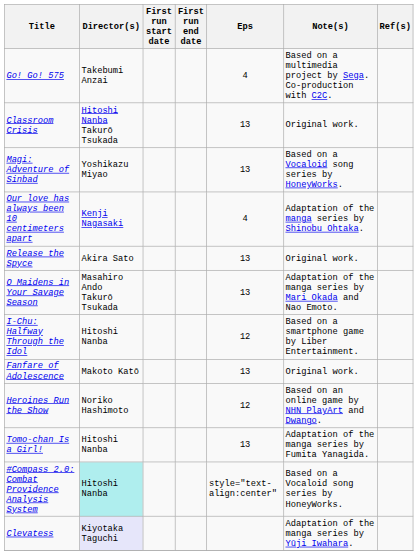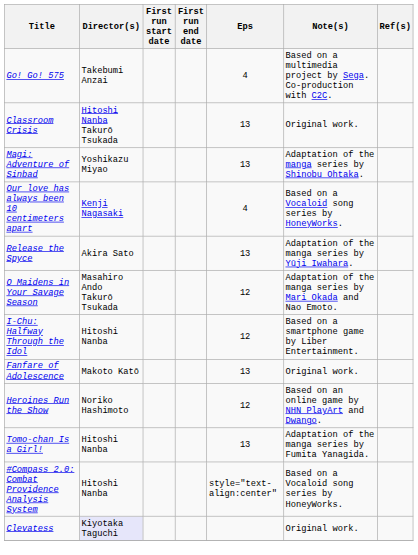 <table class="wikitable sortable">
 <tr>
 <th scope="col">Title</th>
 <th scope="col">Director(s)</th>
 <th scope="col">First run<br>start date</th>
 <th scope="col">First run<br>end date</th>
 <th scope="col" class="unsortable">Eps</th>
 <th scope="col" class="unsortable">Note(s)</th>
 <th scope="col" class="unsortable">Ref(s)</th>
 </tr>
 <tr>
 <td><em><a href='#'>Go! Go! 575</a></em></td>
 <td>Takebumi Anzai</td>
 <td></td>
 <td></td>
 <td style="text-align:center">4</td>
 <td>Based on a multimedia project by <a href='#'>Sega</a>.<br>Co-production with <a href='#'>C2C</a>.</td>
 <td style="text-align:center"></td>
 </tr>
 <tr>
 <td><em><a href='#'>Classroom Crisis</a></em></td>
 <td><a href='#'>Hitoshi Nanba</a><br>Takurō Tsukada</td>
 <td></td>
 <td></td>
 <td style="text-align:center">13</td>
 <td>Original work.</td>
 <td style="text-align:center"></td>
 </tr>
 <tr>
 <td><em><a href='#'>Magi: Adventure of Sinbad</a></em></td>
 <td>Yoshikazu Miyao</td>
 <td></td>
 <td></td>
 <td style="text-align:center">13</td>
-<td>Based on a <a href='#'>Vocaloid</a> song series by <a href='#'>HoneyWorks</a>.</td>
+<td>Adaptation of the <a href='#'>manga</a> series by <a href='#'>Shinobu Ohtaka</a>.</td>
 <td style="text-align:center"></td>
 </tr>
 <tr>
 <td><em><a href='#'>Our love has always been 10 centimeters apart</a></em></td>
 <td><a href='#'>Kenji Nagasaki</a></td>
 <td></td>
 <td></td>
 <td style="text-align:center">4</td>
-<td>Adaptation of the <a href='#'>manga</a> series by <a href='#'>Shinobu Ohtaka</a>.</td>
+<td>Based on a <a href='#'>Vocaloid</a> song series by <a href='#'>HoneyWorks</a>.</td>
 <td style="text-align:center"></td>
 </tr>
 <tr>
 <td><em><a href='#'>Release the Spyce</a></em></td>
 <td>Akira Sato</td>
 <td></td>
 <td></td>
 <td style="text-align:center">13</td>
-<td>Original work.</td>
+<td>Adaptation of the manga series by <a href='#'>Yūji Iwahara</a>.</td>
 <td style="text-align:center"></td>
 </tr>
 <tr>
 <td><em><a href='#'>O Maidens in Your Savage Season</a></em></td>
 <td>Masahiro Ando<br>Takurō Tsukada</td>
 <td></td>
 <td></td>
-<td style="text-align:center">13</td>
+<td style="text-align:center">12</td>
 <td>Adaptation of the manga series by <a href='#'>Mari Okada</a> and Nao Emoto.</td>
 <td style="text-align:center"></td>
 </tr>
 <tr>
 <td><em><a href='#'>I-Chu: Halfway Through the Idol</a></em></td>
 <td>Hitoshi Nanba</td>
 <td></td>
 <td></td>
 <td style="text-align:center">12</td>
 <td>Based on a smartphone game by Liber Entertainment.</td>
 <td style="text-align:center"></td>
 </tr>
 <tr>
 <td><em><a href='#'>Fanfare of Adolescence</a></em></td>
 <td>Makoto Katō</td>
 <td></td>
 <td></td>
 <td style="text-align:center">13</td>
 <td>Original work.</td>
 <td style="text-align:center"></td>
 </tr>
 <tr>
 <td><em><a href='#'>Heroines Run the Show</a></em></td>
 <td>Noriko Hashimoto</td>
 <td></td>
 <td></td>
 <td style="text-align:center">12</td>
 <td>Based on an online game by <a href='#'>NHN PlayArt</a> and <a href='#'>Dwango</a>.</td>
 <td style="text-align:center"></td>
 </tr>
 <tr>
 <td><em><a href='#'>Tomo-chan Is a Girl!</a></em></td>
 <td>Hitoshi Nanba</td>
 <td></td>
 <td></td>
 <td style="text-align:center">13</td>
 <td>Adaptation of the manga series by Fumita Yanagida.</td>
 <td style="text-align:center"></td>
 </tr>
 <tr>
 <td><em><a href='#'>#Compass 2.0: Combat Providence Analysis System</a></em></td>
-<td style="background: paleturquoise;">Hitoshi Nanba</td>
+<td>Hitoshi Nanba</td>
 <td></td>
 <td></td>
 <td>style="text-align:center" </td>
 <td>Based on a Vocaloid song series by HoneyWorks.</td>
 <td style="text-align:center"></td>
 </tr>
 <tr>
 <td><em><a href='#'>Clevatess</a></em></td>
 <td style="background: lavender;">Kiyotaka Taguchi</td>
 <td></td>
 <td></td>
 <td></td>
-<td>Adaptation of the manga series by <a href='#'>Yūji Iwahara</a>.</td>
+<td>Original work.</td>
 <td style="text-align:center"></td>
 </tr>
 <tr>
 </tr>
 </table>
